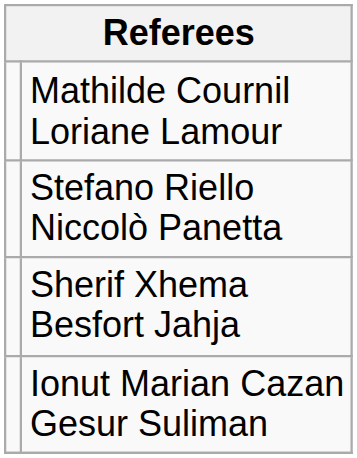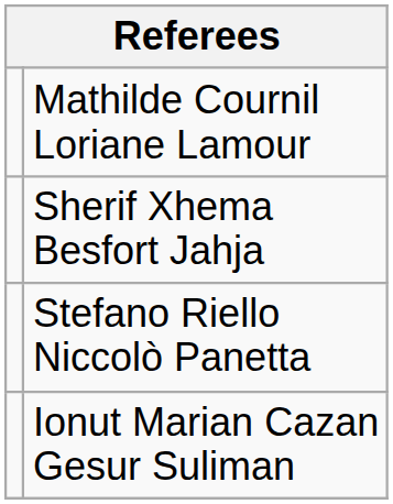 <table class="wikitable" style="display: inline-table;">
 <tr>
 <th colspan="2">Referees</th>
 </tr>
 <tr>
 <td></td>
 <td>Mathilde Cournil<br>Loriane Lamour</td>
 </tr>
 <tr>
 <td></td>
-<td>Stefano Riello<br>Niccolò Panetta</td>
+<td>Sherif Xhema<br>Besfort Jahja</td>
 </tr>
 <tr>
 <td></td>
-<td>Sherif Xhema<br>Besfort Jahja</td>
+<td>Stefano Riello<br>Niccolò Panetta</td>
 </tr>
 <tr>
 <td></td>
 <td>Ionut Marian Cazan<br>Gesur Suliman</td>
 </tr>
 <tr>
 </tr>
 </table>
